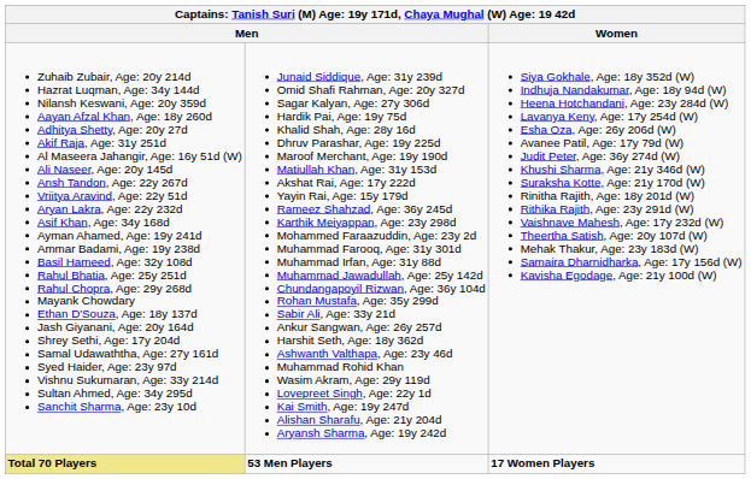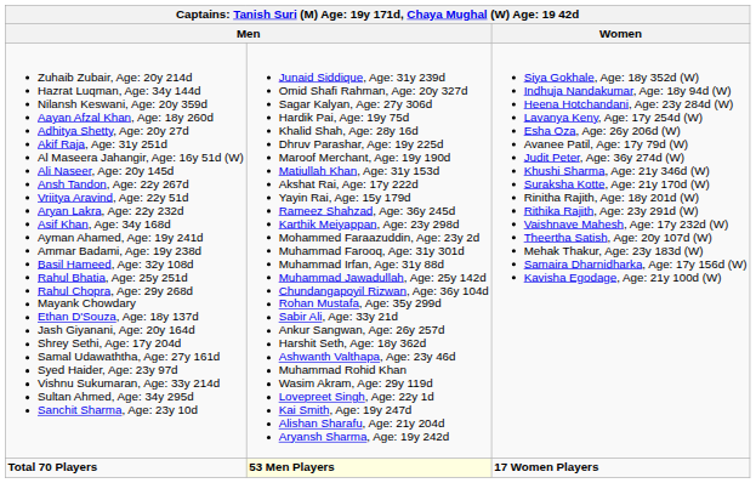 <table class="wikitable">
 <tr>
 <th colspan="3">Captains: <a href='#'>Tanish Suri</a> (M) Age: 19y 171d, <a href='#'>Chaya Mughal</a> (W) Age: 19 42d</th>
 </tr>
 <tr>
 <th colspan="2">Men</th>
 <th>Women</th>
 </tr>
 <tr>
 <td valign="top"><br><ul><li>Zuhaib Zubair, Age: 20y 214d</li><li>Hazrat Luqman, Age: 34y 144d</li><li>Nilansh Keswani, Age: 20y 359d</li><li><a href='#'>Aayan Afzal Khan</a>, Age: 18y 260d</li><li><a href='#'>Adhitya Shetty</a>, Age: 20y 27d</li><li><a href='#'>Akif Raja</a>, Age: 31y 251d</li><li>Al Maseera Jahangir, Age: 16y 51d (W)</li><li><a href='#'>Ali Naseer</a>, Age: 20y 145d</li><li><a href='#'>Ansh Tandon</a>, Age: 22y 267d</li><li><a href='#'>Vriitya Aravind</a>, Age: 22y 51d</li><li><a href='#'>Aryan Lakra</a>, Age: 22y 232d</li><li><a href='#'>Asif Khan</a>, Age: 34y 168d</li><li>Ayman Ahamed, Age: 19y 241d</li><li>Ammar Badami, Age: 19y 238d</li><li><a href='#'>Basil Hameed</a>, Age: 32y 108d</li><li><a href='#'>Rahul Bhatia</a>, Age: 25y 251d</li><li><a href='#'>Rahul Chopra</a>, Age: 29y 268d</li><li>Mayank Chowdary</li><li><a href='#'>Ethan D'Souza</a>, Age: 18y 137d</li><li>Jash Giyanani, Age: 20y 164d</li><li>Shrey Sethi, Age: 17y 204d</li><li>Samal Udawaththa, Age: 27y 161d</li><li>Syed Haider, Age: 23y 97d</li><li>Vishnu Sukumaran, Age: 33y 214d</li><li>Sultan Ahmed, Age: 34y 295d</li><li><a href='#'>Sanchit Sharma</a>, Age: 23y 10d</li></ul></td>
 <td valign="top"><br><ul><li><a href='#'>Junaid Siddique</a>, Age: 31y 239d</li><li>Omid Shafi Rahman, Age: 20y 327d</li><li>Sagar Kalyan, Age: 27y 306d</li><li>Hardik Pai, Age: 19y 75d</li><li>Khalid Shah, Age: 28y 16d</li><li>Dhruv Parashar, Age: 19y 225d</li><li>Maroof Merchant, Age: 19y 190d</li><li><a href='#'>Matiullah Khan</a>, Age: 31y 153d</li><li>Akshat Rai, Age: 17y 222d</li><li>Yayin Rai, Age: 15y 179d</li><li><a href='#'>Rameez Shahzad</a>, Age: 36y 245d</li><li><a href='#'>Karthik Meiyappan</a>, Age: 23y 298d</li><li>Mohammed Faraazuddin, Age: 23y 2d</li><li>Muhammad Farooq, Age: 31y 301d</li><li>Muhammad Irfan, Age: 31y 88d</li><li><a href='#'>Muhammad Jawadullah</a>, Age: 25y 142d</li><li><a href='#'>Chundangapoyil Rizwan</a>, Age: 36y 104d</li><li><a href='#'>Rohan Mustafa</a>, Age: 35y 299d</li><li><a href='#'>Sabir Ali</a>, Age: 33y 21d</li><li>Ankur Sangwan, Age: 26y 257d</li><li>Harshit Seth, Age: 18y 362d</li><li><a href='#'>Ashwanth Valthapa</a>, Age: 23y 46d</li><li>Muhammad Rohid Khan</li><li>Wasim Akram, Age: 29y 119d</li><li><a href='#'>Lovepreet Singh</a>, Age: 22y 1d</li><li><a href='#'>Kai Smith</a>, Age: 19y 247d</li><li><a href='#'>Alishan Sharafu</a>, Age: 21y 204d</li><li><a href='#'>Aryansh Sharma</a>, Age: 19y 242d</li></ul></td>
 <td valign="top"><br><ul><li><a href='#'>Siya Gokhale</a>, Age: 18y 352d (W)</li><li><a href='#'>Indhuja Nandakumar</a>, Age: 18y 94d (W)</li><li><a href='#'>Heena Hotchandani</a>, Age: 23y 284d (W)</li><li><a href='#'>Lavanya Keny</a>, Age: 17y 254d (W)</li><li><a href='#'>Esha Oza</a>, Age: 26y 206d (W)</li><li>Avanee Patil, Age: 17y 79d (W)</li><li><a href='#'>Judit Peter</a>, Age: 36y 274d (W)</li><li><a href='#'>Khushi Sharma</a>, Age: 21y 346d (W)</li><li><a href='#'>Suraksha Kotte</a>, Age: 21y 170d (W)</li><li>Rinitha Rajith, Age: 18y 201d (W)</li><li><a href='#'>Rithika Rajith</a>, Age: 23y 291d (W)</li><li><a href='#'>Vaishnave Mahesh</a>, Age: 17y 232d (W)</li><li><a href='#'>Theertha Satish</a>, Age: 20y 107d (W)</li><li>Mehak Thakur, Age: 23y 183d (W)</li><li><a href='#'>Samaira Dharnidharka</a>, Age: 17y 156d (W)</li><li><a href='#'>Kavisha Egodage</a>, Age: 21y 100d (W)</li></ul></td>
 </tr>
 <tr>
-<td style="background: khaki;"><strong>Total 70 Players</strong></td>
-<td><strong>53 Men Players</strong></td>
+<td><strong>Total 70 Players</strong></td>
+<td style="background: lightyellow;"><strong>53 Men Players</strong></td>
 <td><strong>17 Women Players</strong></td>
 </tr>
 </table>
